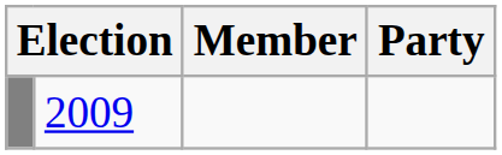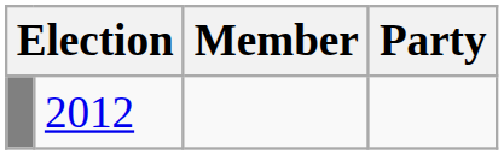 <table class="wikitable">
 <tr>
 <th colspan="2">Election</th>
 <th>Member</th>
 <th>Party</th>
 </tr>
 <tr>
 <td style="background-color: grey"></td>
-<td><a href='#'>2009</a></td>
+<td><a href='#'>2012</a></td>
 <td></td>
 <td></td>
 </tr>
 </table>
